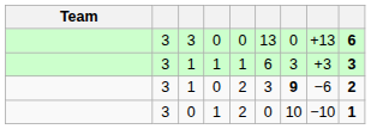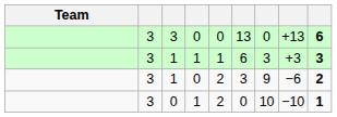 <table class="wikitable" style="text-align:center;">
 <tr>
 <th width=150>Team</th>
 <th width=20></th>
 <th width=20></th>
 <th width=20></th>
 <th width=20></th>
 <th width=20></th>
 <th width=20></th>
 <th width=20></th>
 <th width=20></th>
 </tr>
 <tr bgcolor=#ccffcc>
 <td align=left></td>
 <td>3</td>
 <td>3</td>
 <td>0</td>
 <td>0</td>
 <td>13</td>
 <td>0</td>
 <td>+13</td>
 <td><strong>6</strong></td>
 </tr>
 <tr bgcolor=#ccffcc>
 <td align=left></td>
 <td>3</td>
 <td>1</td>
 <td>1</td>
 <td>1</td>
 <td>6</td>
 <td>3</td>
 <td>+3</td>
 <td><strong>3</strong></td>
 </tr>
 <tr>
 <td align=left></td>
 <td>3</td>
 <td>1</td>
 <td>0</td>
 <td>2</td>
 <td>3</td>
-<td><strong>9</strong></td>
+<td>9</td>
 <td>−6</td>
 <td><strong>2</strong></td>
 </tr>
 <tr>
 <td align=left></td>
 <td>3</td>
 <td>0</td>
 <td>1</td>
 <td>2</td>
 <td>0</td>
 <td>10</td>
 <td>−10</td>
 <td><strong>1</strong></td>
 </tr>
 </table>
